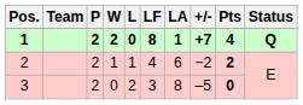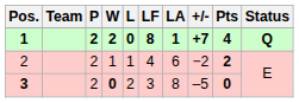 <table class="wikitable" style="text-align:center; margin: 1em auto 1em auto, align:left">
 <tr>
 <th>Pos.</th>
 <th>Team</th>
 <th>P</th>
 <th>W</th>
 <th>L</th>
 <th>LF</th>
 <th>LA</th>
 <th>+/-</th>
 <th>Pts</th>
 <th>Status</th>
 </tr>
 <tr>
 </tr>
 <tr style="background-color:#ccffcc">
 <td><strong>1</strong></td>
 <td style="text-align:left;"></td>
 <td><strong>2</strong></td>
 <td><strong>2</strong></td>
 <td><strong>0</strong></td>
 <td><strong>8</strong></td>
 <td><strong>1</strong></td>
 <td><strong>+7</strong></td>
 <td><strong>4</strong></td>
 <td><strong>Q</strong></td>
 </tr>
 <tr style="background-color:#FFCCCC">
 <td>2</td>
 <td style="text-align:left;"></td>
 <td>2</td>
 <td>1</td>
 <td>1</td>
 <td>4</td>
 <td>6</td>
 <td>−2</td>
 <td><strong>2</strong></td>
 <td rowspan=2>E</td>
 </tr>
 <tr style="background-color:#FFCCCC">
-<td>3</td>
+<td><strong>3</strong></td>
 <td style="text-align:left;"></td>
 <td>2</td>
-<td>0</td>
+<td><strong>0</strong></td>
 <td>2</td>
 <td>3</td>
 <td>8</td>
 <td>–5</td>
 <td><strong>0</strong></td>
 </tr>
 </table>
